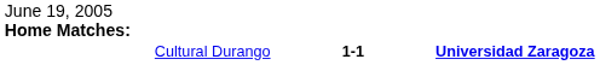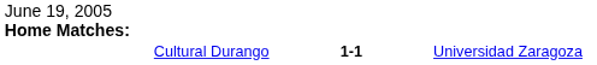 <table width=100% cellspacing=1>
 <tr>
 <th width=20%></th>
 <th width=12%></th>
 <th width=20%></th>
 <th></th>
 </tr>
 <tr>
 <td>June 19, 2005<br><strong>Home Matches:</strong></td>
 </tr>
 <tr style=font-size:90%>
 <td align=right><a href='#'>Cultural Durango</a></td>
 <td align=center><strong>1-1</strong></td>
-<td><strong><a href='#'>Universidad Zaragoza</a></strong></td>
+<td><a href='#'>Universidad Zaragoza</a></td>
 </tr>
 </table>
